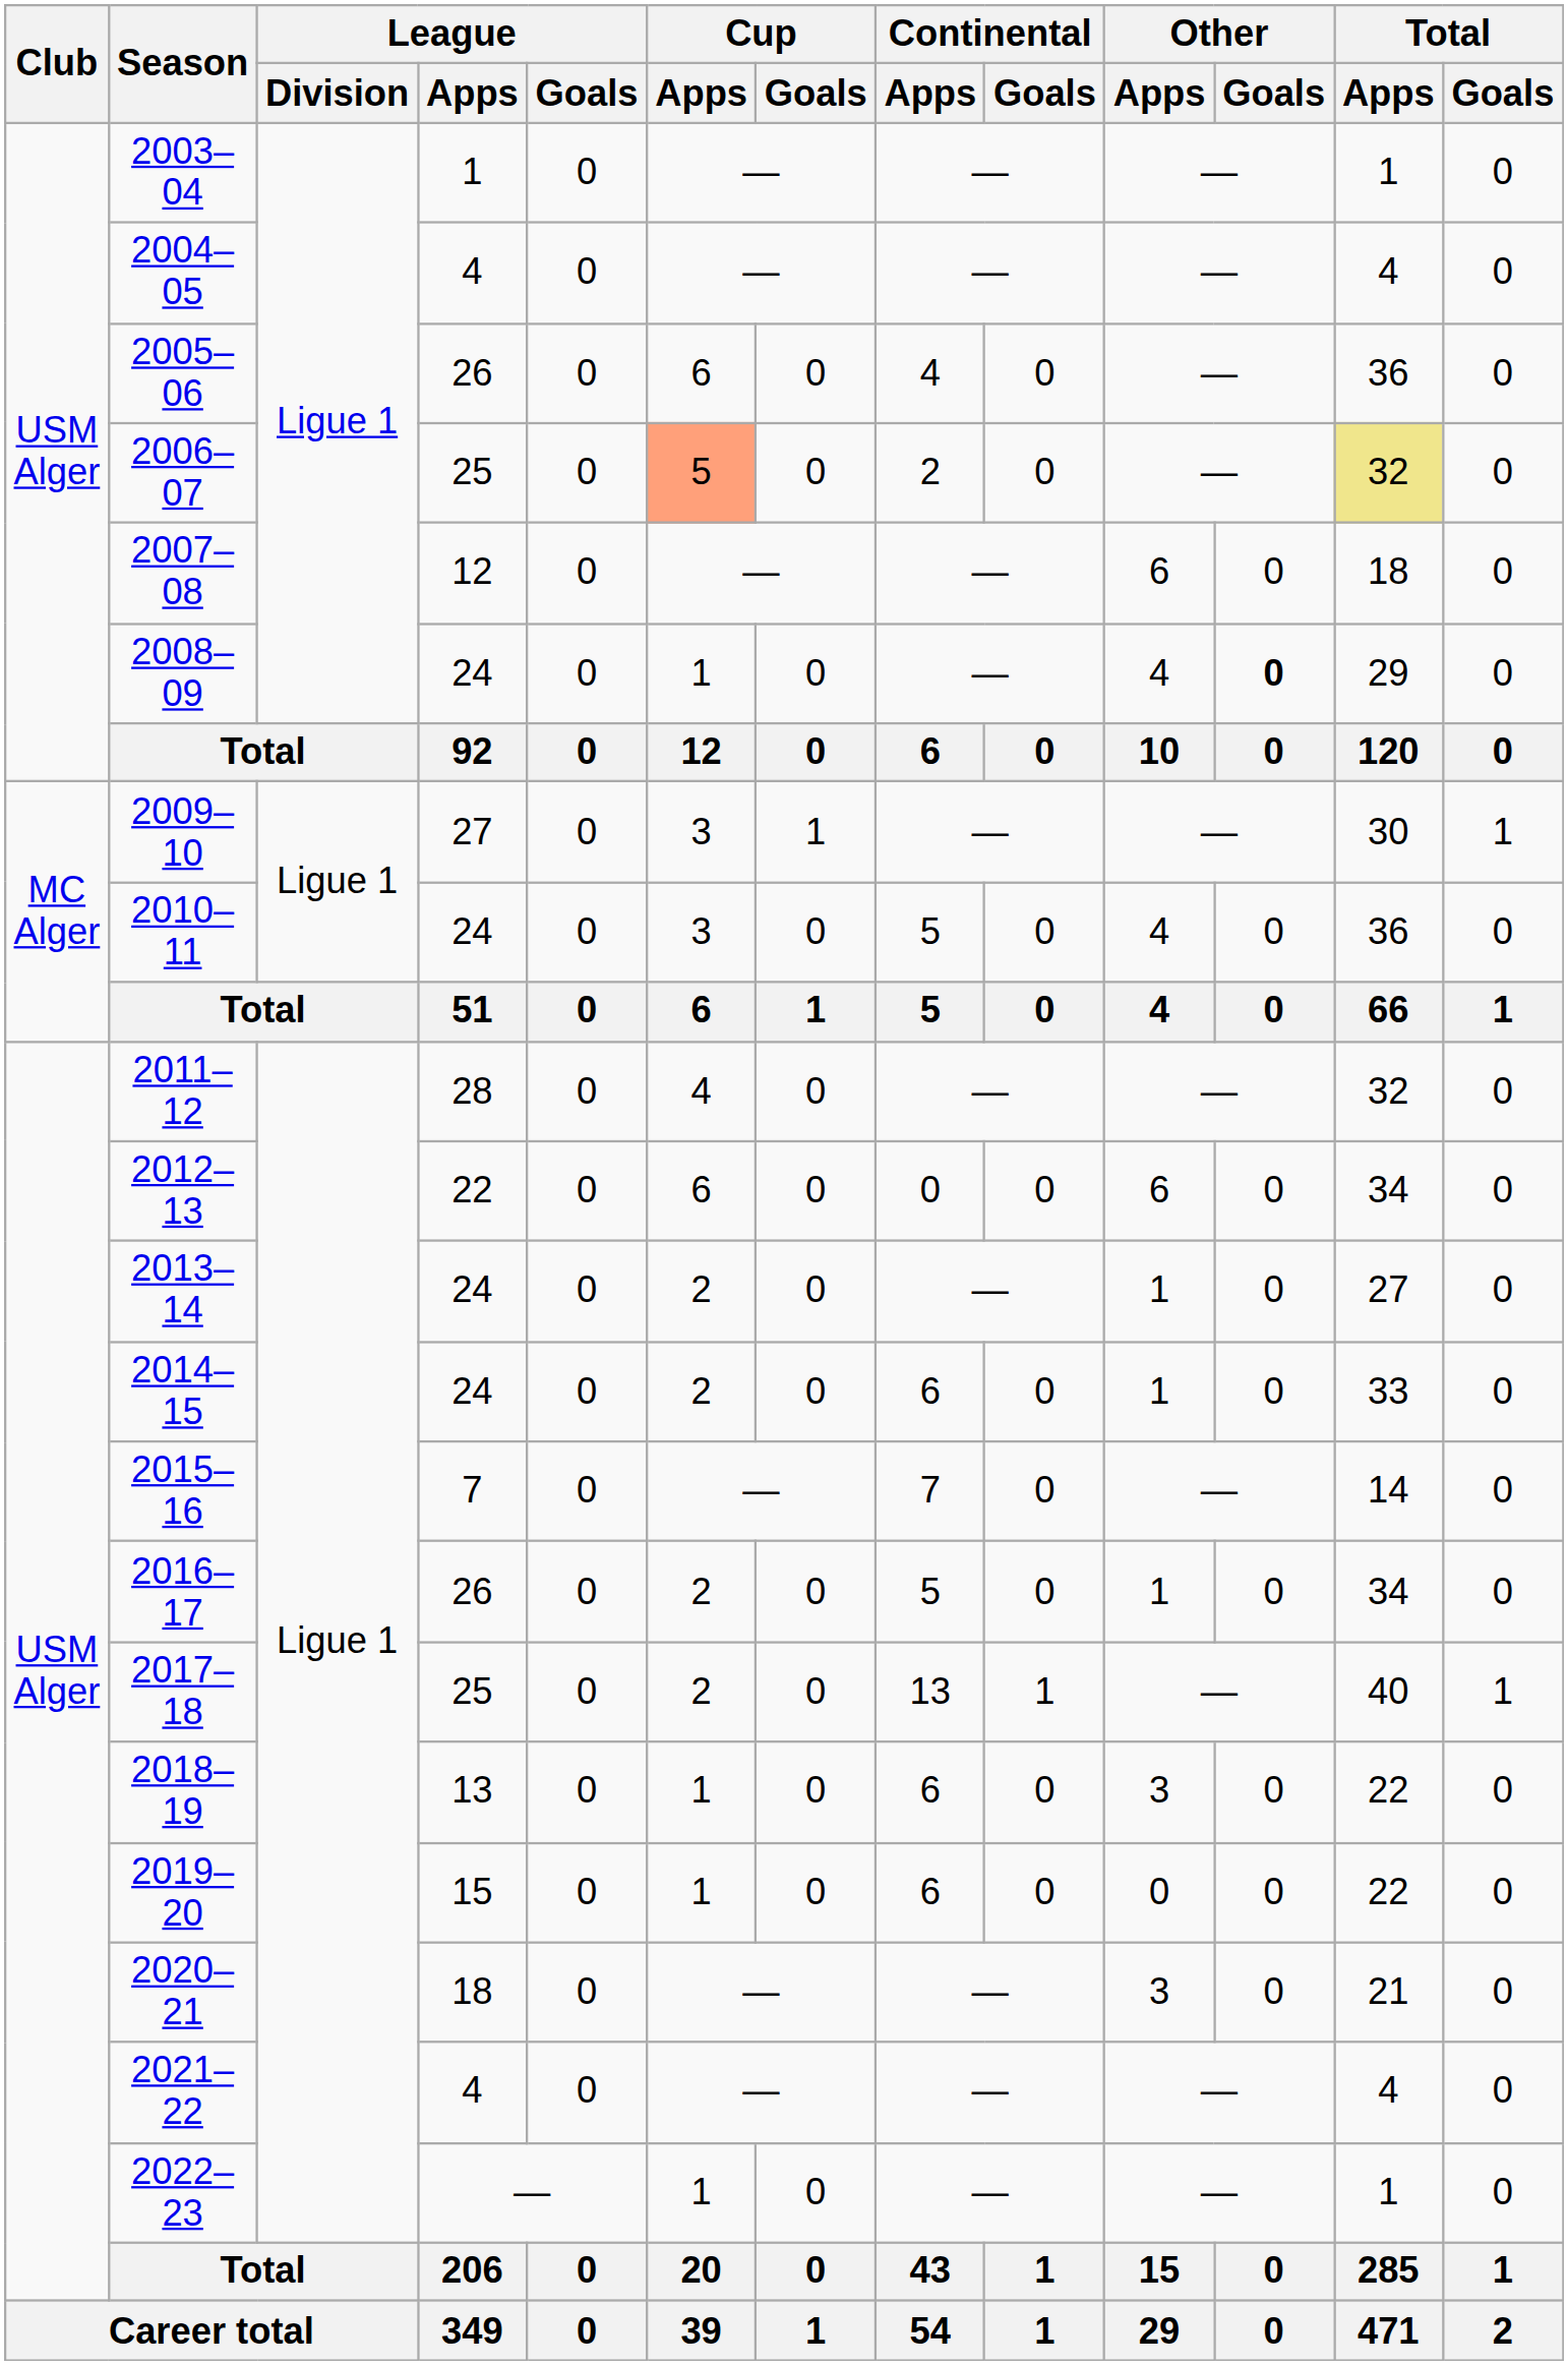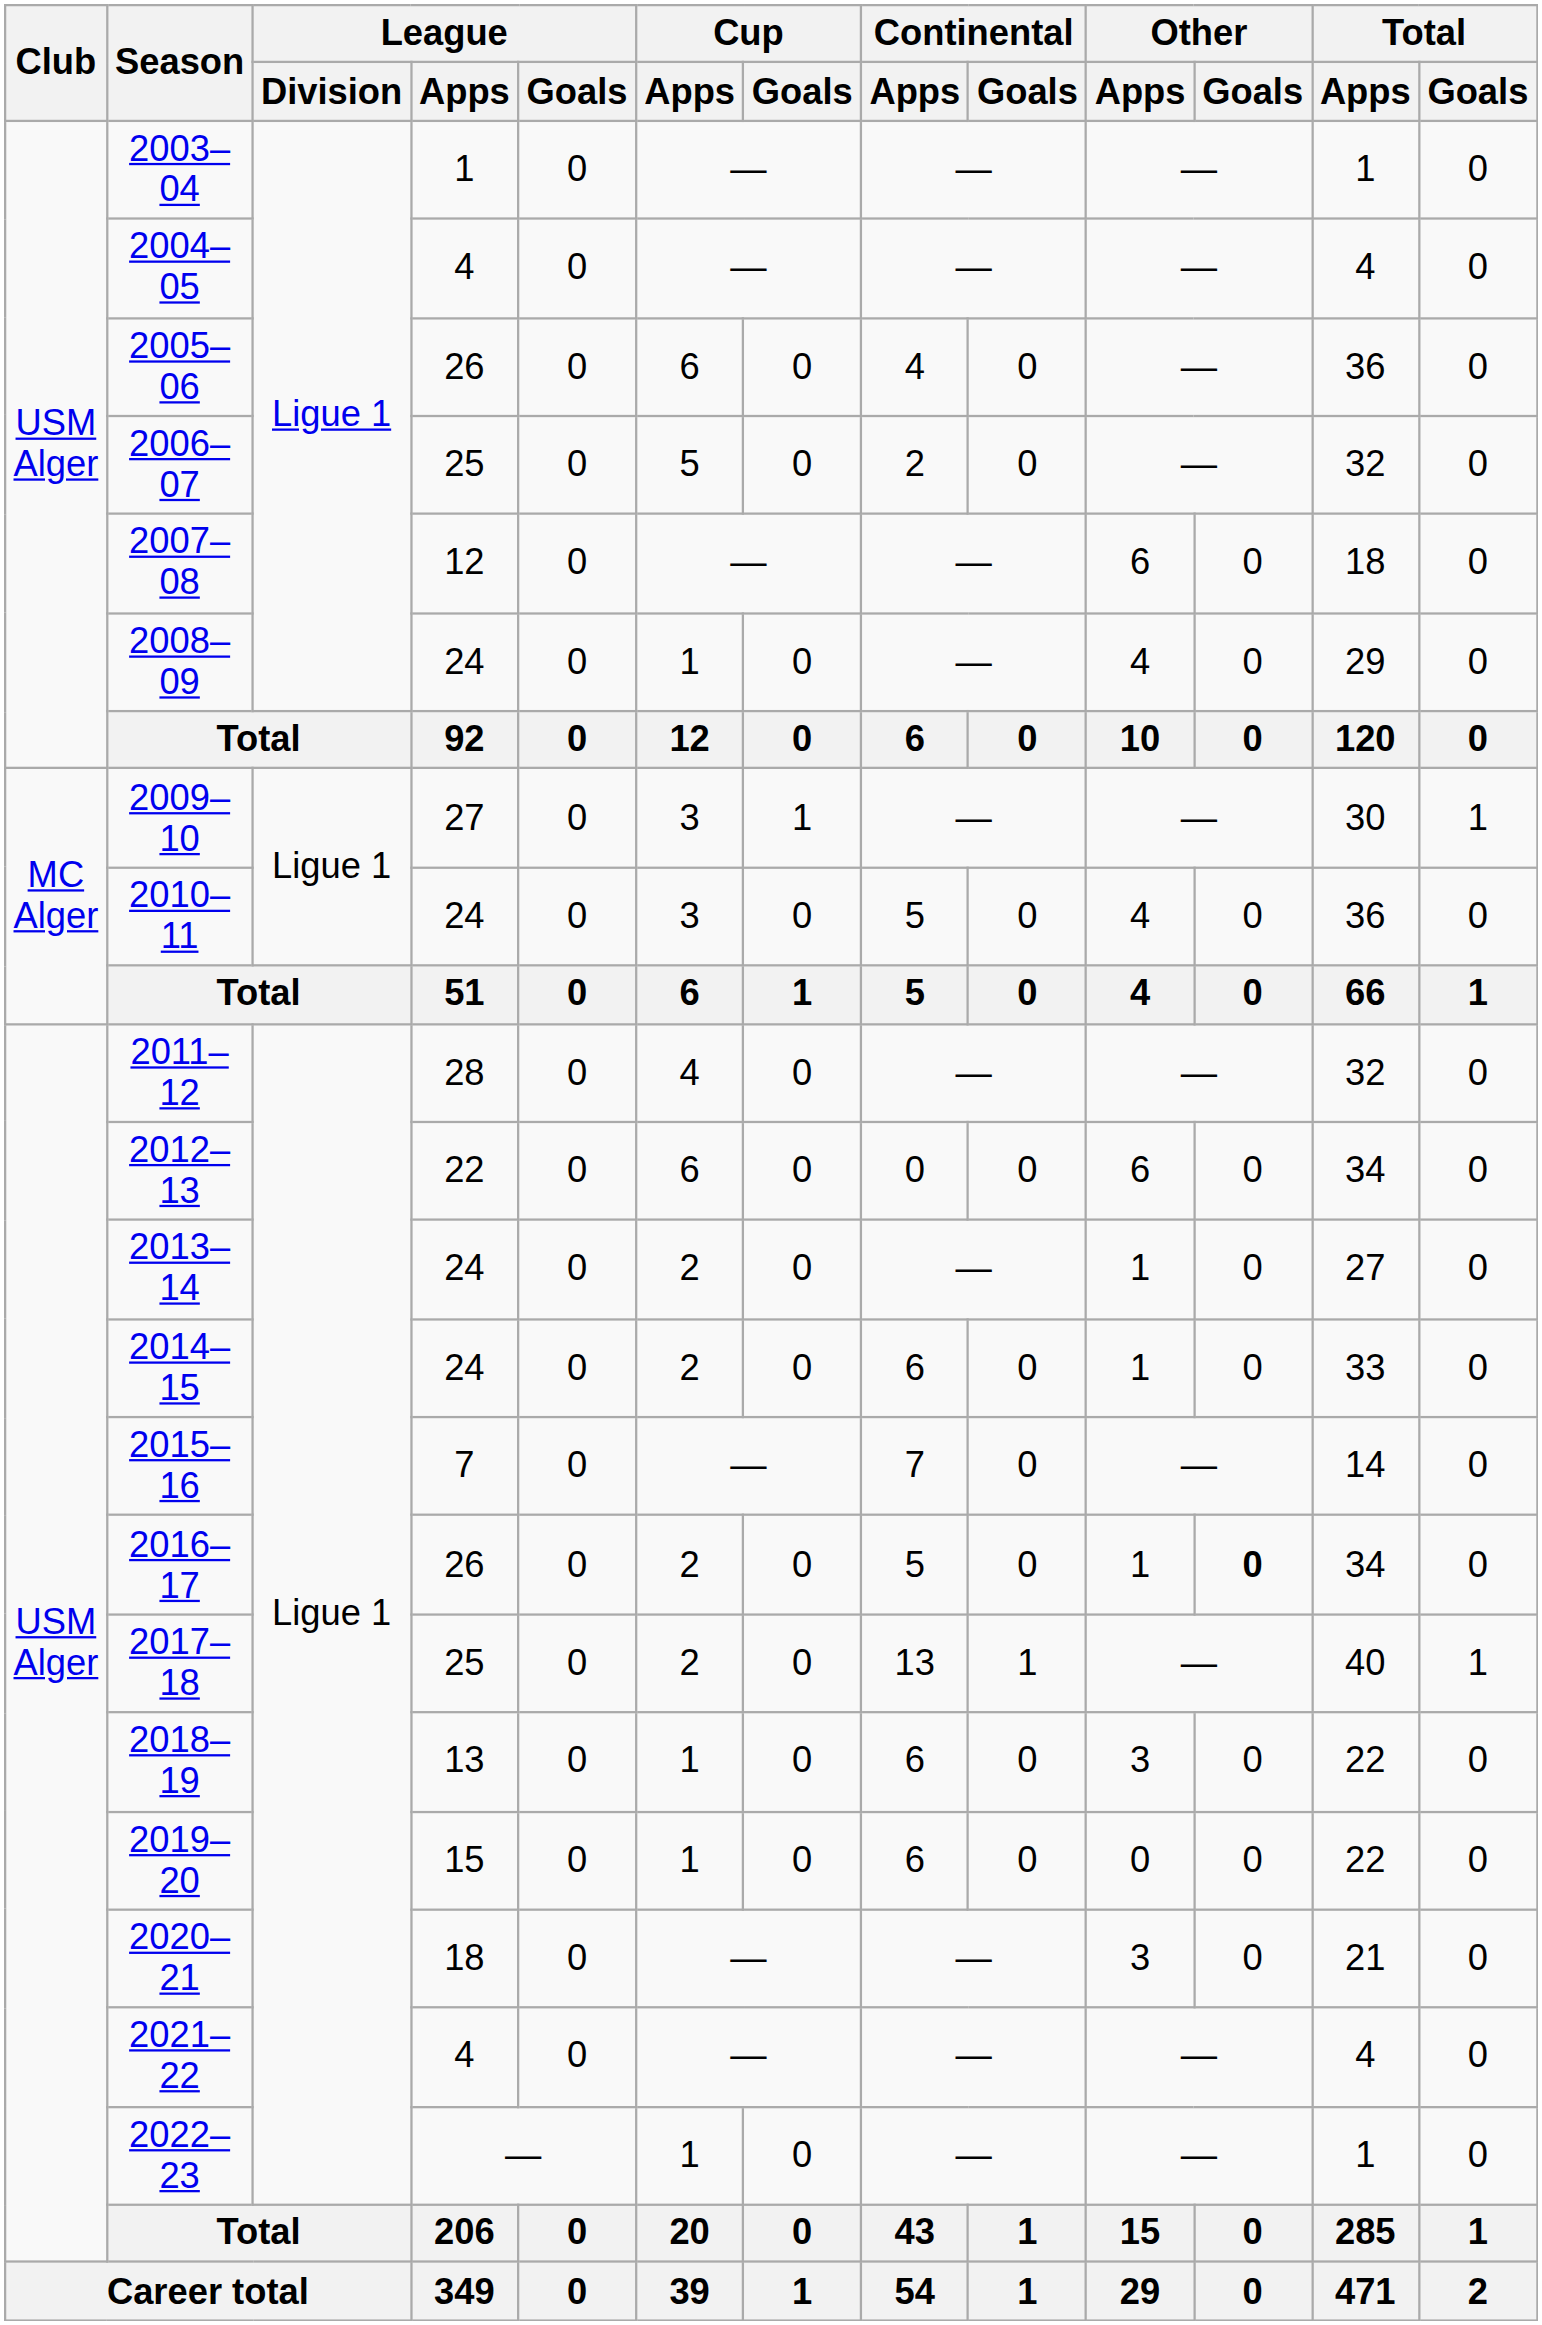 <table class="wikitable" style="text-align:center">
 <tr>
 <th rowspan="2">Club</th>
 <th rowspan="2">Season</th>
 <th colspan="3">League</th>
 <th colspan="2">Cup</th>
 <th colspan="2">Continental</th>
 <th colspan="2">Other</th>
 <th colspan="2">Total</th>
 </tr>
 <tr>
 <th>Division</th>
 <th>Apps</th>
 <th>Goals</th>
 <th>Apps</th>
 <th>Goals</th>
 <th>Apps</th>
 <th>Goals</th>
 <th>Apps</th>
 <th>Goals</th>
 <th>Apps</th>
 <th>Goals</th>
 </tr>
 <tr>
 <td rowspan="7"><a href='#'>USM Alger</a></td>
 <td><a href='#'>2003–04</a></td>
 <td rowspan="6"><a href='#'>Ligue 1</a></td>
 <td>1</td>
 <td>0</td>
 <td colspan="2">—</td>
 <td colspan="2">—</td>
 <td colspan="2">—</td>
 <td>1</td>
 <td>0</td>
 </tr>
 <tr>
 <td><a href='#'>2004–05</a></td>
 <td>4</td>
 <td>0</td>
 <td colspan="2">—</td>
 <td colspan="2">—</td>
 <td colspan="2">—</td>
 <td>4</td>
 <td>0</td>
 </tr>
 <tr>
 <td><a href='#'>2005–06</a></td>
 <td>26</td>
 <td>0</td>
 <td>6</td>
 <td>0</td>
 <td>4</td>
 <td>0</td>
 <td colspan="2">—</td>
 <td>36</td>
 <td>0</td>
 </tr>
 <tr>
 <td><a href='#'>2006–07</a></td>
 <td>25</td>
 <td>0</td>
-<td style="background: lightsalmon;">5</td>
+<td>5</td>
 <td>0</td>
 <td>2</td>
 <td>0</td>
 <td colspan="2">—</td>
-<td style="background: khaki;">32</td>
+<td>32</td>
 <td>0</td>
 </tr>
 <tr>
 <td><a href='#'>2007–08</a></td>
 <td>12</td>
 <td>0</td>
 <td colspan="2">—</td>
 <td colspan="2">—</td>
 <td>6</td>
 <td>0</td>
 <td>18</td>
 <td>0</td>
 </tr>
 <tr>
 <td><a href='#'>2008–09</a></td>
 <td>24</td>
 <td>0</td>
 <td>1</td>
 <td>0</td>
 <td colspan="2">—</td>
 <td>4</td>
-<td><strong>0</strong></td>
+<td>0</td>
 <td>29</td>
 <td>0</td>
 </tr>
 <tr>
 <th colspan="2">Total</th>
 <th>92</th>
 <th>0</th>
 <th>12</th>
 <th>0</th>
 <th>6</th>
 <th>0</th>
 <th>10</th>
 <th>0</th>
 <th>120</th>
 <th>0</th>
 </tr>
 <tr>
 <td rowspan="3"><a href='#'>MC Alger</a></td>
 <td><a href='#'>2009–10</a></td>
 <td rowspan="2">Ligue 1</td>
 <td>27</td>
 <td>0</td>
 <td>3</td>
 <td>1</td>
 <td colspan="2">—</td>
 <td colspan="2">—</td>
 <td>30</td>
 <td>1</td>
 </tr>
 <tr>
 <td><a href='#'>2010–11</a></td>
 <td>24</td>
 <td>0</td>
 <td>3</td>
 <td>0</td>
 <td>5</td>
 <td>0</td>
 <td>4</td>
 <td>0</td>
 <td>36</td>
 <td>0</td>
 </tr>
 <tr>
 <th colspan="2">Total</th>
 <th>51</th>
 <th>0</th>
 <th>6</th>
 <th>1</th>
 <th>5</th>
 <th>0</th>
 <th>4</th>
 <th>0</th>
 <th>66</th>
 <th>1</th>
 </tr>
 <tr>
 <td rowspan="13"><a href='#'>USM Alger</a></td>
 <td><a href='#'>2011–12</a></td>
 <td rowspan="12">Ligue 1</td>
 <td>28</td>
 <td>0</td>
 <td>4</td>
 <td>0</td>
 <td colspan="2">—</td>
 <td colspan="2">—</td>
 <td>32</td>
 <td>0</td>
 </tr>
 <tr>
 <td><a href='#'>2012–13</a></td>
 <td>22</td>
 <td>0</td>
 <td>6</td>
 <td>0</td>
 <td>0</td>
 <td>0</td>
 <td>6</td>
 <td>0</td>
 <td>34</td>
 <td>0</td>
 </tr>
 <tr>
 <td><a href='#'>2013–14</a></td>
 <td>24</td>
 <td>0</td>
 <td>2</td>
 <td>0</td>
 <td colspan="2">—</td>
 <td>1</td>
 <td>0</td>
 <td>27</td>
 <td>0</td>
 </tr>
 <tr>
 <td><a href='#'>2014–15</a></td>
 <td>24</td>
 <td>0</td>
 <td>2</td>
 <td>0</td>
 <td>6</td>
 <td>0</td>
 <td>1</td>
 <td>0</td>
 <td>33</td>
 <td>0</td>
 </tr>
 <tr>
 <td><a href='#'>2015–16</a></td>
 <td>7</td>
 <td>0</td>
 <td colspan="2">—</td>
 <td>7</td>
 <td>0</td>
 <td colspan="2">—</td>
 <td>14</td>
 <td>0</td>
 </tr>
 <tr>
 <td><a href='#'>2016–17</a></td>
 <td>26</td>
 <td>0</td>
 <td>2</td>
 <td>0</td>
 <td>5</td>
 <td>0</td>
 <td>1</td>
-<td>0</td>
+<td><strong>0</strong></td>
 <td>34</td>
 <td>0</td>
 </tr>
 <tr>
 <td><a href='#'>2017–18</a></td>
 <td>25</td>
 <td>0</td>
 <td>2</td>
 <td>0</td>
 <td>13</td>
 <td>1</td>
 <td colspan="2">—</td>
 <td>40</td>
 <td>1</td>
 </tr>
 <tr>
 <td><a href='#'>2018–19</a></td>
 <td>13</td>
 <td>0</td>
 <td>1</td>
 <td>0</td>
 <td>6</td>
 <td>0</td>
 <td>3</td>
 <td>0</td>
 <td>22</td>
 <td>0</td>
 </tr>
 <tr>
 <td><a href='#'>2019–20</a></td>
 <td>15</td>
 <td>0</td>
 <td>1</td>
 <td>0</td>
 <td>6</td>
 <td>0</td>
 <td>0</td>
 <td>0</td>
 <td>22</td>
 <td>0</td>
 </tr>
 <tr>
 <td><a href='#'>2020–21</a></td>
 <td>18</td>
 <td>0</td>
 <td colspan="2">—</td>
 <td colspan="2">—</td>
 <td>3</td>
 <td>0</td>
 <td>21</td>
 <td>0</td>
 </tr>
 <tr>
 <td><a href='#'>2021–22</a></td>
 <td>4</td>
 <td>0</td>
 <td colspan="2">—</td>
 <td colspan="2">—</td>
 <td colspan="2">—</td>
 <td>4</td>
 <td>0</td>
 </tr>
 <tr>
 <td><a href='#'>2022–23</a></td>
 <td colspan="2">—</td>
 <td>1</td>
 <td>0</td>
 <td colspan="2">—</td>
 <td colspan="2">—</td>
 <td>1</td>
 <td>0</td>
 </tr>
 <tr>
 <th colspan="2">Total</th>
 <th>206</th>
 <th>0</th>
 <th>20</th>
 <th>0</th>
 <th>43</th>
 <th>1</th>
 <th>15</th>
 <th>0</th>
 <th>285</th>
 <th>1</th>
 </tr>
 <tr>
 <th colspan="3">Career total</th>
 <th>349</th>
 <th>0</th>
 <th>39</th>
 <th>1</th>
 <th>54</th>
 <th>1</th>
 <th>29</th>
 <th>0</th>
 <th>471</th>
 <th>2</th>
 </tr>
 </table>
